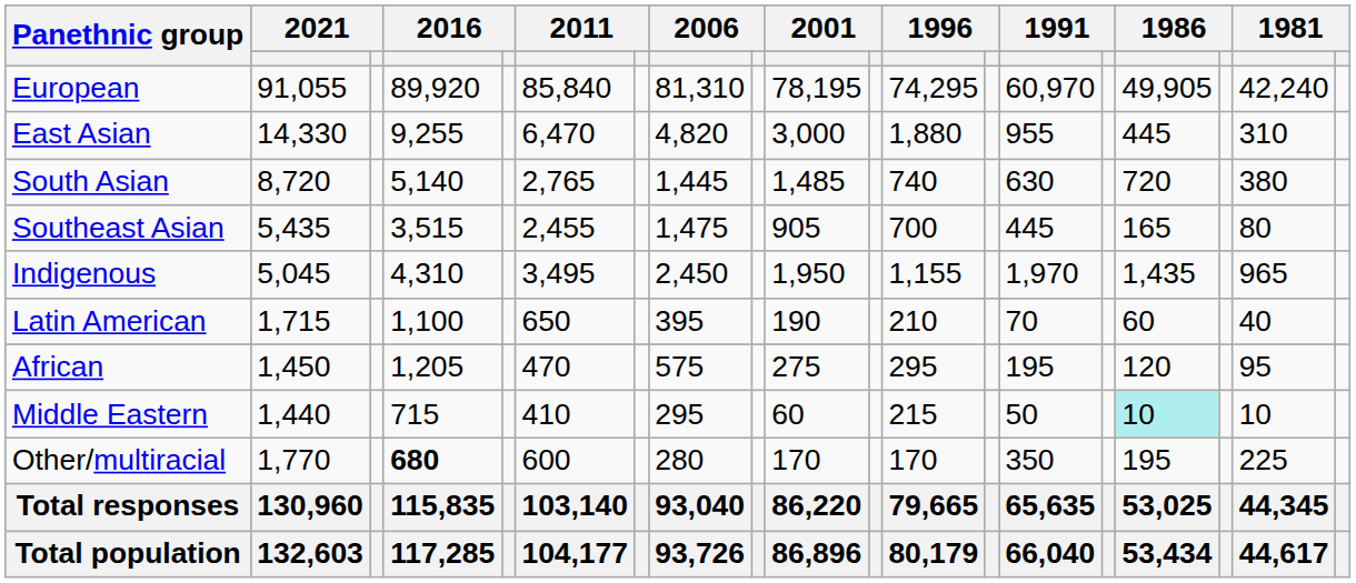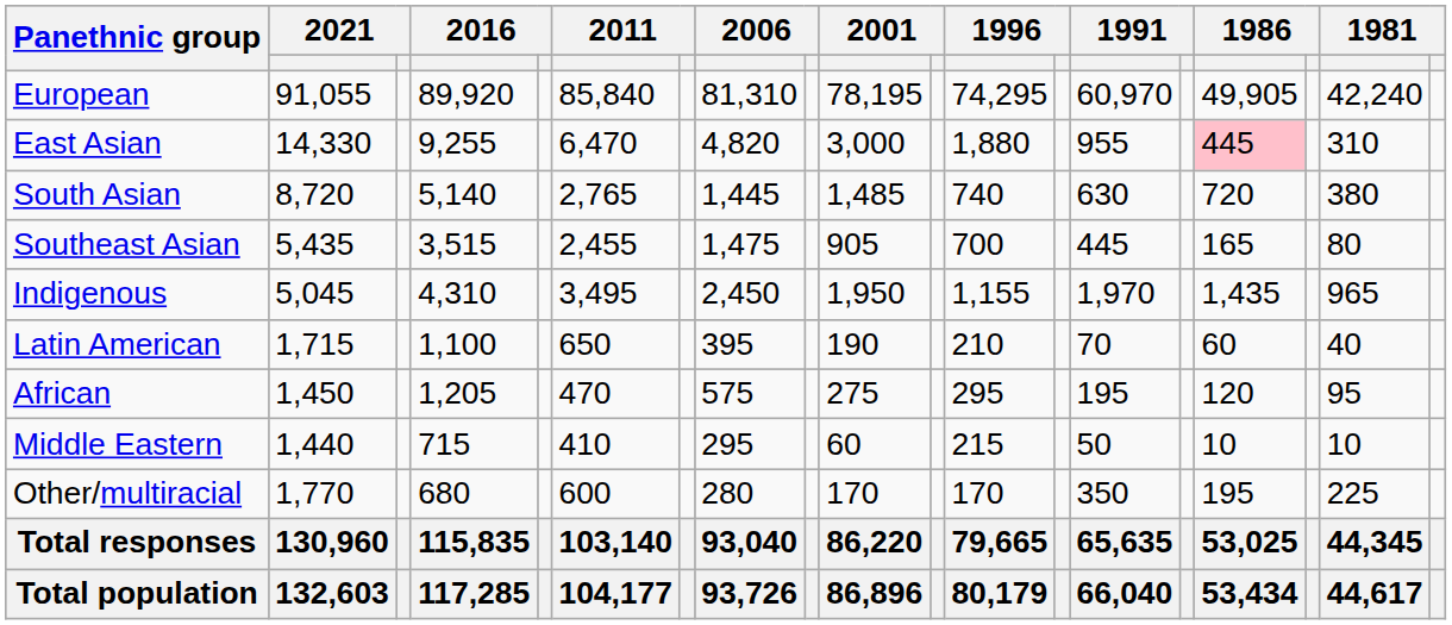 <table class="wikitable mw-datatable">
 <tr>
 <th rowspan="2"><a href='#'>Panethnic</a> group</th>
 <th colspan="2">2021</th>
 <th colspan="2">2016</th>
 <th colspan="2">2011</th>
 <th colspan="2">2006</th>
 <th colspan="2">2001</th>
 <th colspan="2">1996</th>
 <th colspan="2">1991</th>
 <th colspan="2">1986</th>
 <th colspan="2">1981</th>
 </tr>
 <tr>
 <th><a href='#'></a></th>
 <th></th>
 <th></th>
 <th></th>
 <th></th>
 <th></th>
 <th></th>
 <th></th>
 <th></th>
 <th></th>
 <th></th>
 <th></th>
 <th></th>
 <th></th>
 <th></th>
 <th></th>
 <th></th>
 <th></th>
 </tr>
 <tr>
 <td><a href='#'>European</a></td>
 <td>91,055</td>
 <td></td>
 <td>89,920</td>
 <td></td>
 <td>85,840</td>
 <td></td>
 <td>81,310</td>
 <td></td>
 <td>78,195</td>
 <td></td>
 <td>74,295</td>
 <td></td>
 <td>60,970</td>
 <td></td>
 <td>49,905</td>
 <td></td>
 <td>42,240</td>
 <td></td>
 </tr>
 <tr>
 <td><a href='#'>East Asian</a></td>
 <td>14,330</td>
 <td></td>
 <td>9,255</td>
 <td></td>
 <td>6,470</td>
 <td></td>
 <td>4,820</td>
 <td></td>
 <td>3,000</td>
 <td></td>
 <td>1,880</td>
 <td></td>
 <td>955</td>
 <td></td>
-<td>445</td>
+<td style="background: pink;">445</td>
 <td></td>
 <td>310</td>
 <td></td>
 </tr>
 <tr>
 <td><a href='#'>South Asian</a></td>
 <td>8,720</td>
 <td></td>
 <td>5,140</td>
 <td></td>
 <td>2,765</td>
 <td></td>
 <td>1,445</td>
 <td></td>
 <td>1,485</td>
 <td></td>
 <td>740</td>
 <td></td>
 <td>630</td>
 <td></td>
 <td>720</td>
 <td></td>
 <td>380</td>
 <td></td>
 </tr>
 <tr>
 <td><a href='#'>Southeast Asian</a></td>
 <td>5,435</td>
 <td></td>
 <td>3,515</td>
 <td></td>
 <td>2,455</td>
 <td></td>
 <td>1,475</td>
 <td></td>
 <td>905</td>
 <td></td>
 <td>700</td>
 <td></td>
 <td>445</td>
 <td></td>
 <td>165</td>
 <td></td>
 <td>80</td>
 <td></td>
 </tr>
 <tr>
 <td><a href='#'>Indigenous</a></td>
 <td>5,045</td>
 <td></td>
 <td>4,310</td>
 <td></td>
 <td>3,495</td>
 <td></td>
 <td>2,450</td>
 <td></td>
 <td>1,950</td>
 <td></td>
 <td>1,155</td>
 <td></td>
 <td>1,970</td>
 <td></td>
 <td>1,435</td>
 <td></td>
 <td>965</td>
 <td></td>
 </tr>
 <tr>
 <td><a href='#'>Latin American</a></td>
 <td>1,715</td>
 <td></td>
 <td>1,100</td>
 <td></td>
 <td>650</td>
 <td></td>
 <td>395</td>
 <td></td>
 <td>190</td>
 <td></td>
 <td>210</td>
 <td></td>
 <td>70</td>
 <td></td>
 <td>60</td>
 <td></td>
 <td>40</td>
 <td></td>
 </tr>
 <tr>
 <td><a href='#'>African</a></td>
 <td>1,450</td>
 <td></td>
 <td>1,205</td>
 <td></td>
 <td>470</td>
 <td></td>
 <td>575</td>
 <td></td>
 <td>275</td>
 <td></td>
 <td>295</td>
 <td></td>
 <td>195</td>
 <td></td>
 <td>120</td>
 <td></td>
 <td>95</td>
 <td></td>
 </tr>
 <tr>
 <td><a href='#'>Middle Eastern</a></td>
 <td>1,440</td>
 <td></td>
 <td>715</td>
 <td></td>
 <td>410</td>
 <td></td>
 <td>295</td>
 <td></td>
 <td>60</td>
 <td></td>
 <td>215</td>
 <td></td>
 <td>50</td>
 <td></td>
-<td style="background: paleturquoise;">10</td>
+<td>10</td>
 <td></td>
 <td>10</td>
 <td></td>
 </tr>
 <tr>
 <td>Other/<a href='#'>multiracial</a></td>
 <td>1,770</td>
 <td></td>
-<td><strong>680</strong></td>
+<td>680</td>
 <td></td>
 <td>600</td>
 <td></td>
 <td>280</td>
 <td></td>
 <td>170</td>
 <td></td>
 <td>170</td>
 <td></td>
 <td>350</td>
 <td></td>
 <td>195</td>
 <td></td>
 <td>225</td>
 <td></td>
 </tr>
 <tr>
 <th>Total responses</th>
 <th>130,960</th>
 <th></th>
 <th>115,835</th>
 <th></th>
 <th>103,140</th>
 <th></th>
 <th>93,040</th>
 <th></th>
 <th>86,220</th>
 <th></th>
 <th>79,665</th>
 <th></th>
 <th>65,635</th>
 <th></th>
 <th>53,025</th>
 <th></th>
 <th>44,345</th>
 <th></th>
 </tr>
 <tr>
 <th>Total population</th>
 <th>132,603</th>
 <th></th>
 <th>117,285</th>
 <th></th>
 <th>104,177</th>
 <th></th>
 <th>93,726</th>
 <th></th>
 <th>86,896</th>
 <th></th>
 <th>80,179</th>
 <th></th>
 <th>66,040</th>
 <th></th>
 <th>53,434</th>
 <th></th>
 <th>44,617</th>
 <th></th>
 </tr>
 </table>
